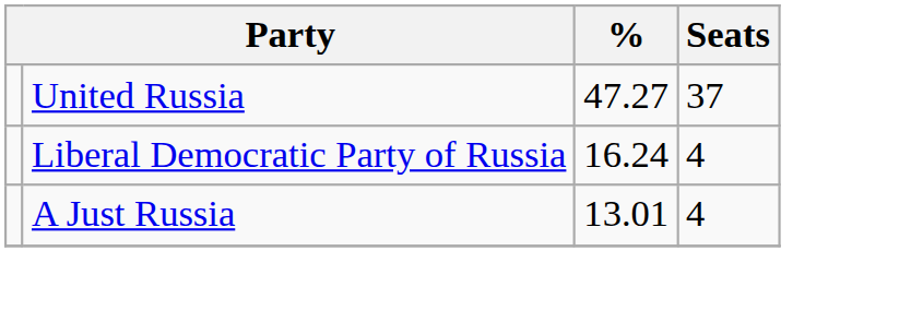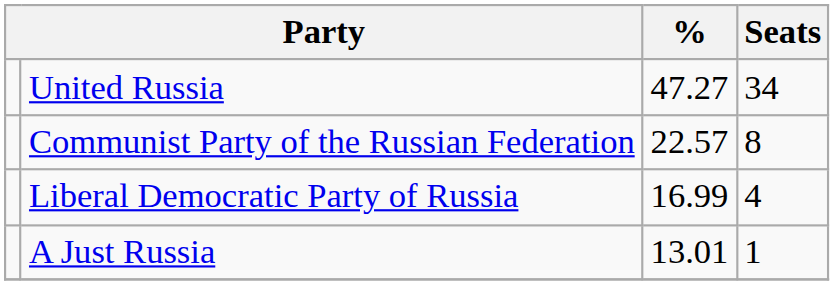 <table class="wikitable">
 <tr>
 <th colspan=2>Party</th>
 <th>%</th>
 <th>Seats</th>
 </tr>
 <tr>
 <td style="background:"></td>
 <td><a href='#'>United Russia</a></td>
 <td>47.27</td>
-<td>37</td>
+<td>34</td>
+</tr>
+<tr>
+<td style="background:"></td>
+<td><a href='#'>Communist Party of the Russian Federation</a></td>
+<td>22.57</td>
+<td>8</td>
 </tr>
 <tr>
 <td style="background:"></td>
 <td><a href='#'>Liberal Democratic Party of Russia</a></td>
-<td>16.24</td>
+<td>16.99</td>
 <td>4</td>
 </tr>
 <tr>
 <td style="background:"></td>
 <td><a href='#'>A Just Russia</a></td>
 <td>13.01</td>
-<td>4</td>
+<td>1</td>
 </tr>
 <tr>
 </tr>
 </table>
